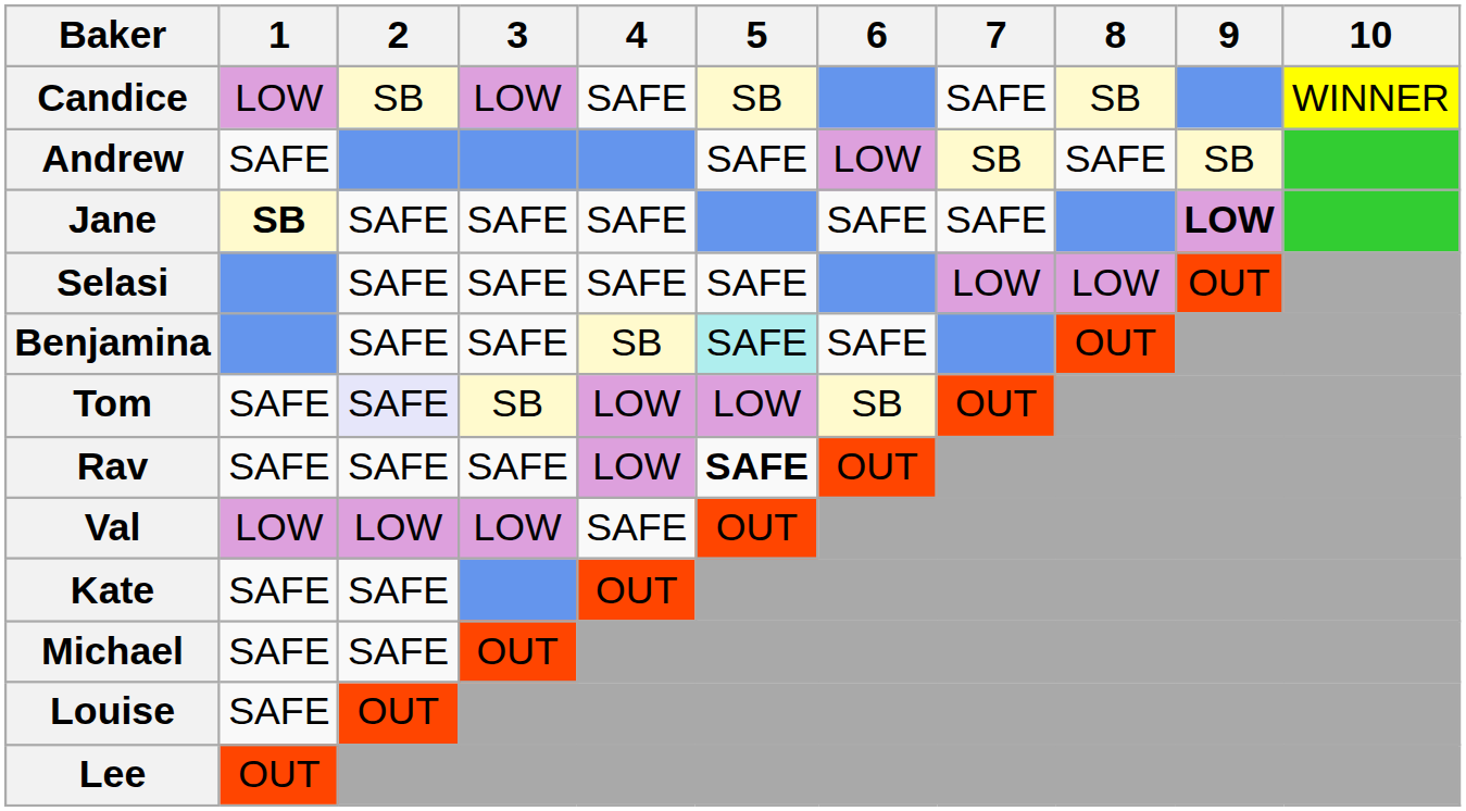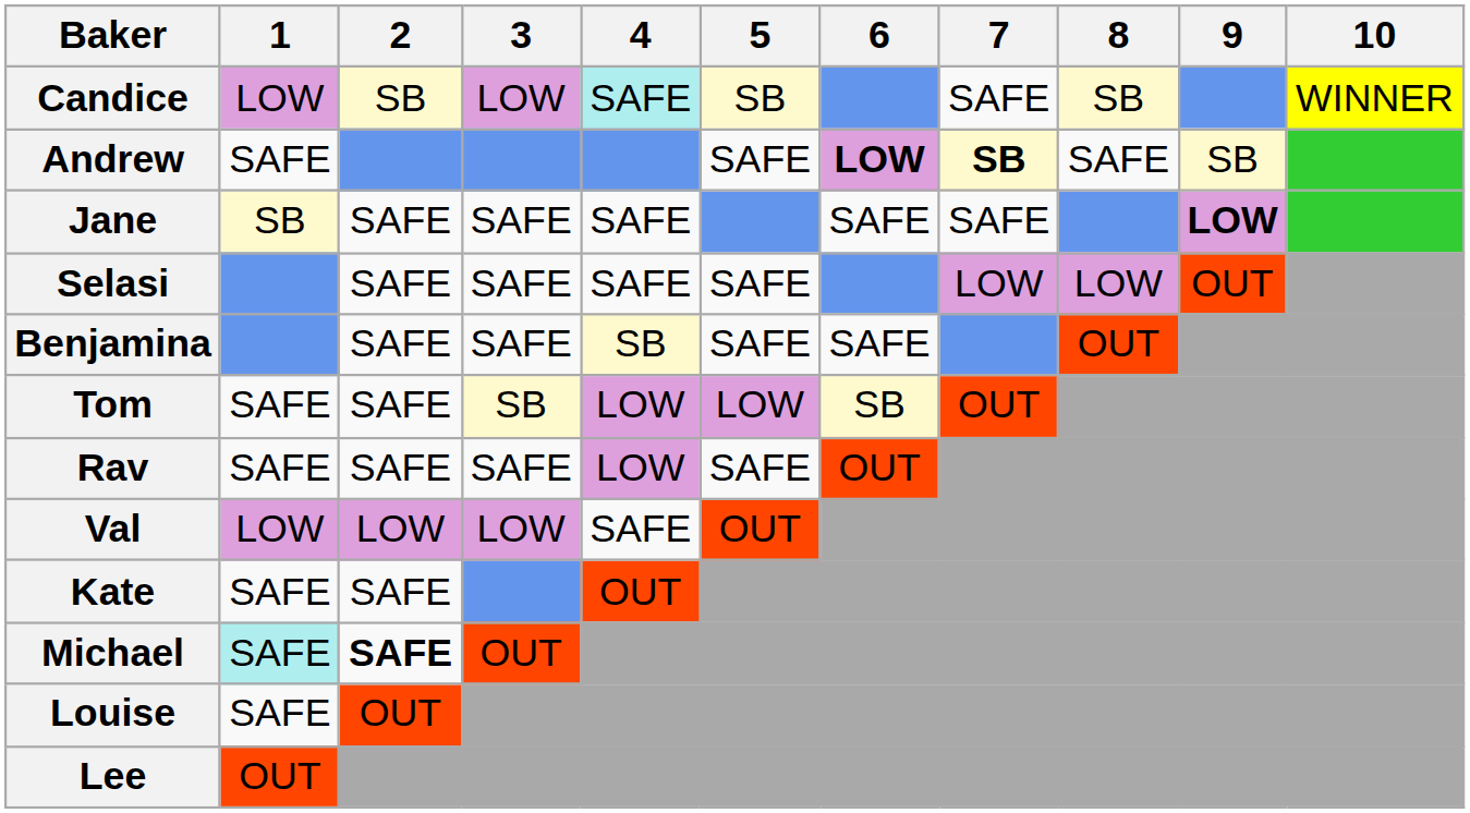 <table class="wikitable" style="text-align:center">
 <tr>
 <th scope="col">Baker</th>
 <th scope="col">1</th>
 <th scope="col">2</th>
 <th scope="col">3</th>
 <th scope="col">4</th>
 <th scope="col">5</th>
 <th scope="col">6</th>
 <th scope="col">7</th>
 <th scope="col">8</th>
 <th scope="col">9</th>
 <th scope="col">10</th>
 </tr>
 <tr>
 <th scope="row" style="text-align:center;">Candice</th>
 <td style="background:Plum;">LOW</td>
 <td style="background:LemonChiffon;">SB</td>
 <td style="background:Plum;">LOW</td>
-<td>SAFE</td>
+<td style="background: paleturquoise;">SAFE</td>
 <td style="background:LemonChiffon;">SB</td>
 <td style="background:Cornflowerblue;"></td>
 <td>SAFE</td>
 <td style="background:LemonChiffon;">SB</td>
 <td style="background:Cornflowerblue;"></td>
 <td style="background:yellow;">WINNER</td>
 </tr>
 <tr>
 <th scope="row" style="text-align:Center;">Andrew</th>
 <td>SAFE</td>
 <td style="background:Cornflowerblue;"></td>
 <td style="background:Cornflowerblue;"></td>
 <td style="background:Cornflowerblue;"></td>
 <td>SAFE</td>
-<td style="background:Plum;">LOW</td>
-<td style="background:LemonChiffon;">SB</td>
+<td style="background:Plum;"><strong>LOW</strong></td>
+<td style="background:LemonChiffon;"><strong>SB</strong></td>
 <td>SAFE</td>
 <td style="background:LemonChiffon;">SB</td>
 <td style="background:limegreen;"></td>
 </tr>
 <tr>
 <th scope="row" style="text-align:center;">Jane</th>
-<td style="background:LemonChiffon;"><strong>SB</strong></td>
+<td style="background:LemonChiffon;">SB</td>
 <td>SAFE</td>
 <td>SAFE</td>
 <td>SAFE</td>
 <td style="background:Cornflowerblue;"></td>
 <td>SAFE</td>
 <td>SAFE</td>
 <td style="background:Cornflowerblue;"></td>
 <td style="background:Plum;"><strong>LOW</strong></td>
 <td style="background:limegreen;"></td>
 </tr>
 <tr>
 <th scope="row" style="text-align:center;">Selasi</th>
 <td style="background:Cornflowerblue;"></td>
 <td>SAFE</td>
 <td>SAFE</td>
 <td>SAFE</td>
 <td>SAFE</td>
 <td style="background:Cornflowerblue;"></td>
 <td style="background:Plum;">LOW</td>
 <td style="background:Plum;">LOW</td>
 <td style="background:orangered;">OUT</td>
 <td colspan="8" style="background:darkgrey;"></td>
 </tr>
 <tr>
 <th scope="row" style="text-align:center;">Benjamina</th>
 <td style="background:Cornflowerblue;"></td>
 <td>SAFE</td>
 <td>SAFE</td>
 <td style="background:LemonChiffon;">SB</td>
-<td style="background: paleturquoise;">SAFE</td>
+<td>SAFE</td>
 <td>SAFE</td>
 <td style="background:Cornflowerblue;"></td>
 <td style="background:orangered;">OUT</td>
 <td colspan="8" style="background:darkgrey;"></td>
 </tr>
 <tr>
 <th scope="row" style="text-align:center;">Tom</th>
 <td>SAFE</td>
-<td style="background: lavender;">SAFE</td>
+<td>SAFE</td>
 <td style="background:LemonChiffon;">SB</td>
 <td style="background:Plum;">LOW</td>
 <td style="background:Plum;">LOW</td>
 <td style="background:LemonChiffon;">SB</td>
 <td style="background:orangered;">OUT</td>
 <td colspan="9" style="background:darkgrey;"></td>
 </tr>
 <tr>
 <th scope="row" style="text-align:center;">Rav</th>
 <td>SAFE</td>
 <td>SAFE</td>
 <td>SAFE</td>
 <td style="background:Plum;">LOW</td>
-<td><strong>SAFE</strong></td>
+<td>SAFE</td>
 <td style="background:orangered;">OUT</td>
 <td colspan="8" style="background:darkgrey;"></td>
 </tr>
 <tr>
 <th scope="row" style="text-align:center;">Val</th>
 <td style="background:Plum;">LOW</td>
 <td style="background:Plum;">LOW</td>
 <td style="background:Plum;">LOW</td>
 <td>SAFE</td>
 <td style="background:orangered;">OUT</td>
 <td colspan="8" style="background:darkgrey;"></td>
 </tr>
 <tr>
 <th scope="row" style="text-align:center;">Kate</th>
 <td>SAFE</td>
 <td>SAFE</td>
 <td style="background:Cornflowerblue;"></td>
 <td style="background:orangered;">OUT</td>
 <td colspan="8" style="background:darkgrey;"></td>
 </tr>
 <tr>
 <th scope="row" style="text-align:center;">Michael</th>
-<td>SAFE</td>
-<td>SAFE</td>
+<td style="background: paleturquoise;">SAFE</td>
+<td><strong>SAFE</strong></td>
 <td style="background:orangered;">OUT</td>
 <td colspan="8" style="background:darkgrey;"></td>
 </tr>
 <tr>
 <th scope="row" style="text-align:center;">Louise</th>
 <td>SAFE</td>
 <td style="background:orangered;">OUT</td>
 <td colspan="9" style="background:darkgrey;"></td>
 </tr>
 <tr>
 <th scope="row" style="text-align:center;">Lee</th>
 <td style="background:orangered;">OUT</td>
 <td colspan="9" style="background:darkgrey;"></td>
 </tr>
 </table>
